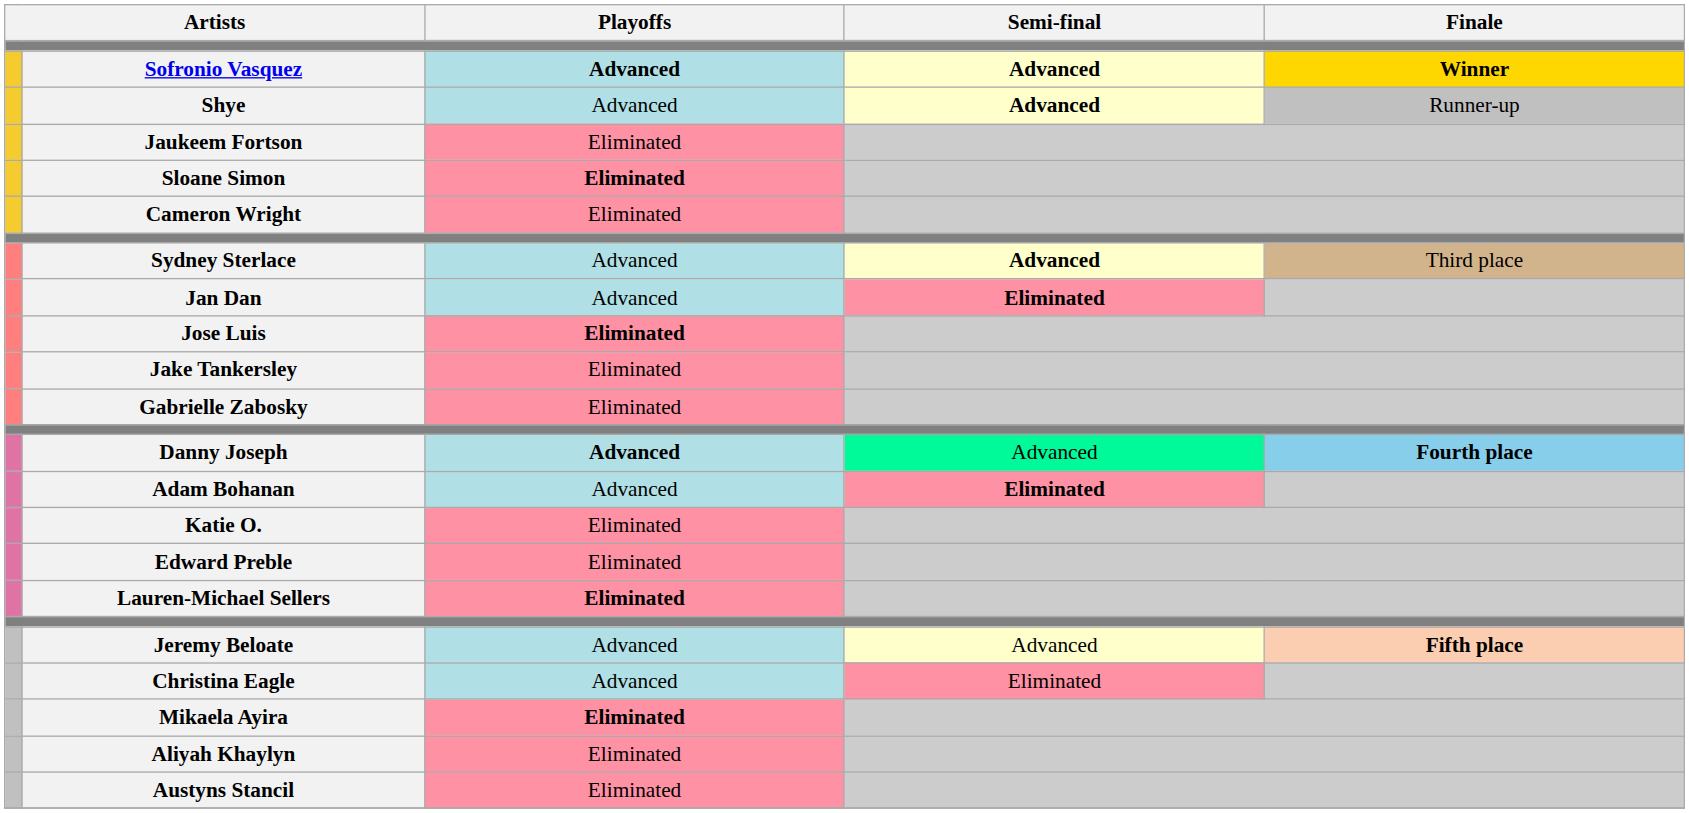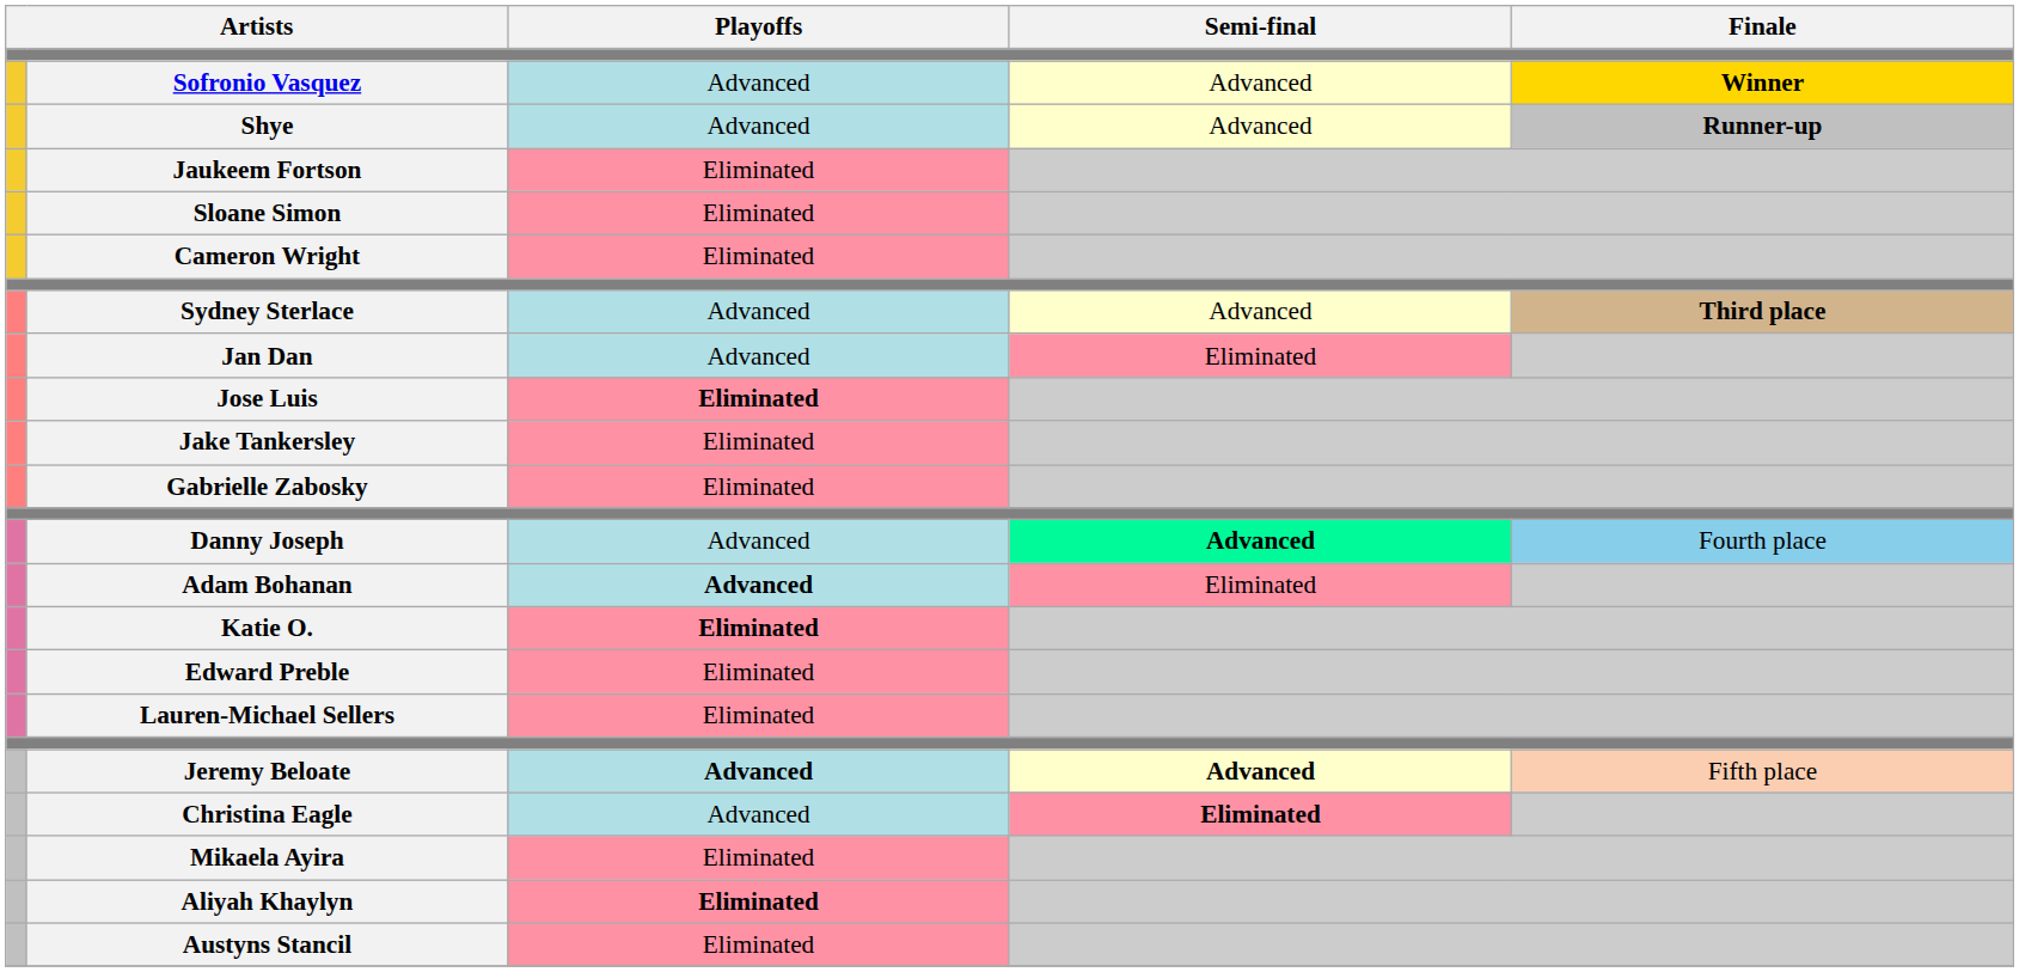 <table class="wikitable" style="text-align:center; line-height:20px; width:100%">
 <tr>
 <th colspan="2" rowspan="2" width="20%">Artists</th>
 <th style="width:20%">Playoffs</th>
 <th style="width:20%">Semi-final</th>
 <th style="width:20%">Finale</th>
 </tr>
 <tr>
 </tr>
 <tr>
 <th colspan="5" style="background:gray"></th>
 </tr>
 <tr>
 <th style="background:#F4CC30"></th>
 <th scope="row"><a href='#'>Sofronio Vasquez</a></th>
-<td style="background:#b0e0e6"><strong>Advanced</strong></td>
-<td style="background:#FFFFCC"><strong>Advanced</strong></td>
+<td style="background:#b0e0e6">Advanced</td>
+<td style="background:#FFFFCC">Advanced</td>
 <td style="background: gold"><strong>Winner</strong></td>
 </tr>
 <tr>
 <th style="background:#F4CC30"></th>
 <th scope="row">Shye</th>
 <td style="background:#b0e0e6">Advanced</td>
-<td style="background:#FFFFCC"><strong>Advanced</strong></td>
-<td style="background: silver">Runner-up</td>
+<td style="background:#FFFFCC">Advanced</td>
+<td style="background: silver"><strong>Runner-up</strong></td>
 </tr>
 <tr>
 <th style="background:#F4CC30"></th>
 <th scope="row">Jaukeem Fortson</th>
 <td style="background:#FF91A4">Eliminated</td>
 <td colspan="2" style="background:#ccc"></td>
 </tr>
 <tr>
 <th style="background:#F4CC30"></th>
 <th scope="row">Sloane Simon</th>
-<td style="background:#FF91A4"><strong>Eliminated</strong></td>
+<td style="background:#FF91A4">Eliminated</td>
 <td colspan="2" style="background:#ccc"></td>
 </tr>
 <tr>
 <th style="background:#F4CC30"></th>
 <th scope="row">Cameron Wright</th>
 <td style="background:#FF91A4">Eliminated</td>
 <td colspan="2" style="background:#ccc"></td>
 </tr>
 <tr>
 <th colspan="7" style="background:gray"></th>
 </tr>
 <tr>
 <th style="background:#FF7F7F"></th>
 <th scope="row">Sydney Sterlace</th>
 <td style="background:#b0e0e6">Advanced</td>
-<td style="background:#FFFFCC"><strong>Advanced</strong></td>
-<td style="background: tan">Third place</td>
+<td style="background:#FFFFCC">Advanced</td>
+<td style="background: tan"><strong>Third place</strong></td>
 </tr>
 <tr>
 <th style="background:#FF7F7F"></th>
 <th scope="row">Jan Dan</th>
 <td style="background:#b0e0e6">Advanced</td>
-<td style="background:#FF91A4"><strong>Eliminated</strong></td>
+<td style="background:#FF91A4">Eliminated</td>
 <td style="background:#ccc"></td>
 </tr>
 <tr>
 <th style="background:#FF7F7F"></th>
 <th scope="row">Jose Luis</th>
 <td style="background:#FF91A4"><strong>Eliminated</strong></td>
 <td colspan="4" style="background:#ccc"></td>
 </tr>
 <tr>
 <th style="background:#FF7F7F"></th>
 <th scope="row">Jake Tankersley</th>
 <td style="background:#FF91A4">Eliminated</td>
 <td colspan="4" style="background:#ccc"></td>
 </tr>
 <tr>
 <th style="background:#FF7F7F"></th>
 <th scope="row">Gabrielle Zabosky</th>
 <td style="background:#FF91A4">Eliminated</td>
 <td colspan="4" style="background:#ccc"></td>
 </tr>
 <tr>
 <th colspan="7" style="background:gray"></th>
 </tr>
 <tr>
 <th style="background:#df74a4"></th>
 <th scope="row">Danny Joseph</th>
-<td style="background:#b0e0e6"><strong>Advanced</strong></td>
-<td style="background:#00FA9A">Advanced</td>
-<td style="background: skyblue"><strong>Fourth place</strong></td>
+<td style="background:#b0e0e6">Advanced</td>
+<td style="background:#00FA9A"><strong>Advanced</strong></td>
+<td style="background: skyblue">Fourth place</td>
 </tr>
 <tr>
 <th style="background:#df74a4"></th>
 <th scope="row">Adam Bohanan</th>
-<td style="background:#b0e0e6">Advanced</td>
-<td style="background:#FF91A4"><strong>Eliminated</strong></td>
+<td style="background:#b0e0e6"><strong>Advanced</strong></td>
+<td style="background:#FF91A4">Eliminated</td>
 <td style="background:#ccc"></td>
 </tr>
 <tr>
 <th style="background:#df74a4"></th>
 <th scope="row">Katie O.</th>
-<td style="background:#FF91A4">Eliminated</td>
+<td style="background:#FF91A4"><strong>Eliminated</strong></td>
 <td colspan="2" style="background:#ccc"></td>
 </tr>
 <tr>
 <th style="background:#df74a4"></th>
 <th scope="row">Edward Preble</th>
 <td style="background:#FF91A4">Eliminated</td>
 <td colspan="2" style="background:#ccc"></td>
 </tr>
 <tr>
 <th style="background:#df74a4"></th>
 <th scope="row">Lauren-Michael Sellers</th>
-<td style="background:#FF91A4"><strong>Eliminated</strong></td>
+<td style="background:#FF91A4">Eliminated</td>
 <td colspan="2" style="background:#ccc"></td>
 </tr>
 <tr>
 <th colspan="7" style="background:gray"></th>
 </tr>
 <tr>
 <th style="background:#C0C0C0"></th>
 <th scope="row">Jeremy Beloate</th>
-<td style="background:#b0e0e6">Advanced</td>
-<td style="background:#FFFFCC">Advanced</td>
-<td style="background:#fbceb1"><strong>Fifth place</strong></td>
+<td style="background:#b0e0e6"><strong>Advanced</strong></td>
+<td style="background:#FFFFCC"><strong>Advanced</strong></td>
+<td style="background:#fbceb1">Fifth place</td>
 </tr>
 <tr>
 <th style="background:#C0C0C0"></th>
 <th scope="row">Christina Eagle</th>
 <td style="background:#b0e0e6">Advanced</td>
-<td style="background:#FF91A4">Eliminated</td>
+<td style="background:#FF91A4"><strong>Eliminated</strong></td>
 <td style="background:#ccc"></td>
 </tr>
 <tr>
 <th style="background:#C0C0C0"></th>
 <th scope="row">Mikaela Ayira</th>
-<td style="background:#FF91A4"><strong>Eliminated</strong></td>
+<td style="background:#FF91A4">Eliminated</td>
 <td colspan="2" style="background:#ccc"></td>
 </tr>
 <tr>
 <th style="background:#C0C0C0"></th>
 <th scope="row">Aliyah Khaylyn</th>
-<td style="background:#FF91A4">Eliminated</td>
+<td style="background:#FF91A4"><strong>Eliminated</strong></td>
 <td colspan="2" style="background:#ccc"></td>
 </tr>
 <tr>
 <th style="background:#C0C0C0"></th>
 <th scope="row">Austyns Stancil</th>
 <td style="background:#FF91A4">Eliminated</td>
 <td colspan="2" style="background:#ccc"></td>
 </tr>
 <tr>
 </tr>
 </table>
